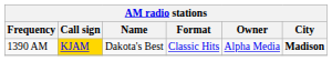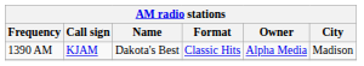 <table class="wikitable">
 <tr>
 <th align="center" colspan="6"><strong><a href='#'>AM radio</a> stations</strong></th>
 </tr>
 <tr>
 <th>Frequency</th>
 <th>Call sign</th>
 <th>Name</th>
 <th>Format</th>
 <th>Owner</th>
 <th>City</th>
 </tr>
 <tr>
 <td>1390 AM</td>
-<td style="background: gold;"><a href='#'>KJAM</a></td>
+<td><a href='#'>KJAM</a></td>
 <td>Dakota's Best</td>
 <td><a href='#'>Classic Hits</a></td>
 <td><a href='#'>Alpha Media</a></td>
-<td><strong>Madison</strong></td>
+<td>Madison</td>
 </tr>
 <tr>
 </tr>
 </table>
